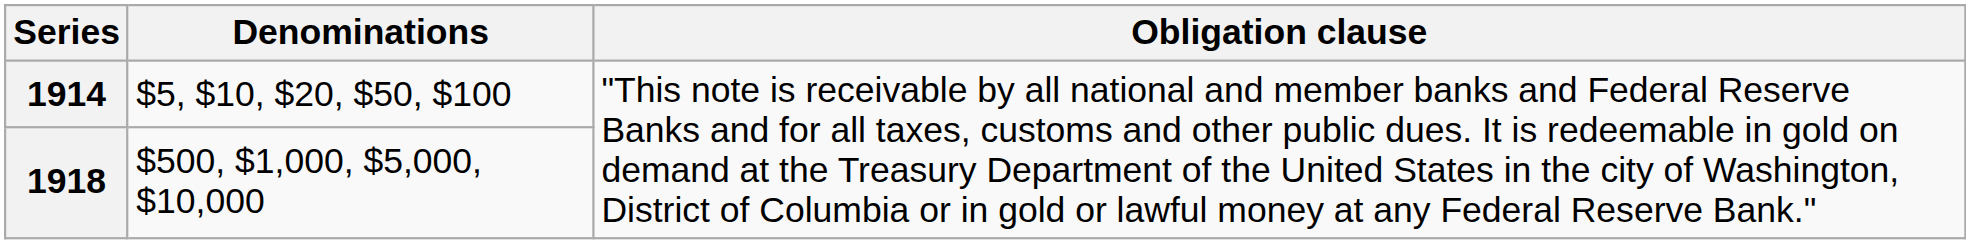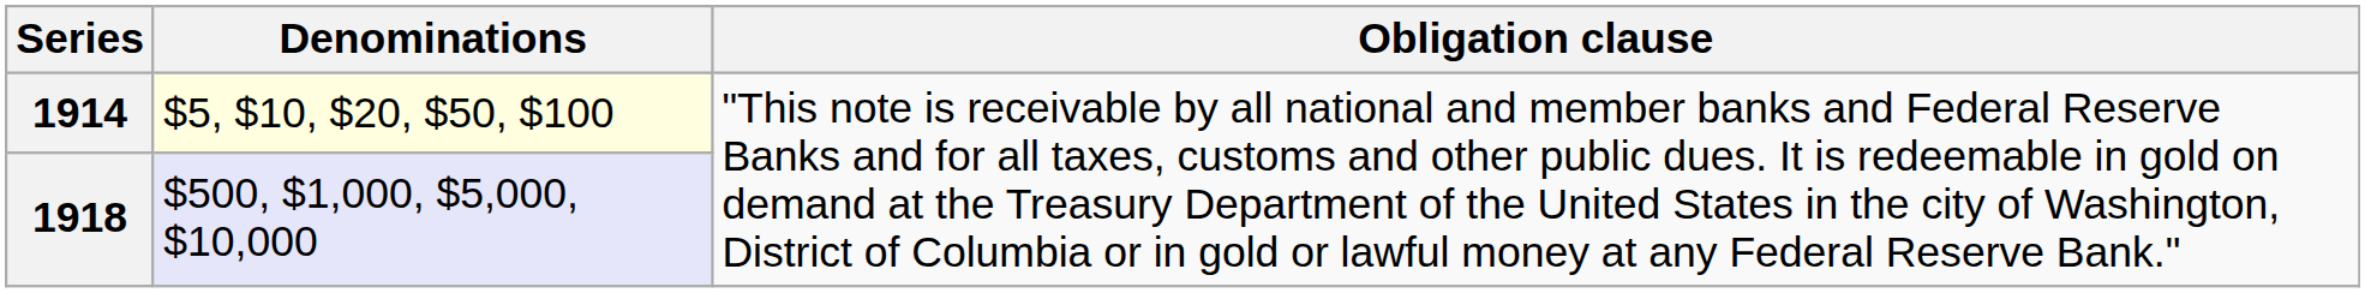 <table class="wikitable" style="width:100%;">
 <tr>
 <th>Series</th>
 <th>Denominations</th>
 <th style="width:70%;">Obligation clause</th>
 </tr>
 <tr>
 <th>1914</th>
-<td>$5, $10, $20, $50, $100</td>
+<td style="background: lightyellow;">$5, $10, $20, $50, $100</td>
 <td rowspan="2">"This note is receivable by all national and member banks and Federal Reserve Banks and for all taxes, customs and other public dues. It is redeemable in gold on demand at the Treasury Department of the United States in the city of Washington, District of Columbia or in gold or lawful money at any Federal Reserve Bank."</td>
 </tr>
 <tr>
 <th>1918</th>
-<td>$500, $1,000, $5,000, $10,000</td>
+<td style="background: lavender;">$500, $1,000, $5,000, $10,000</td>
 </tr>
 </table>
